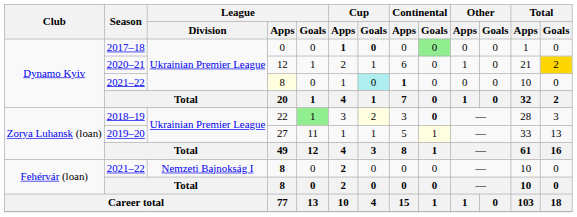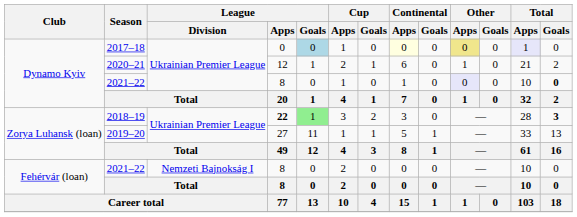 <table class="wikitable" style="text-align:center">
 <tr>
 <th rowspan="2">Club</th>
 <th rowspan="2">Season</th>
 <th colspan="3">League</th>
 <th colspan="2">Cup</th>
 <th colspan="2">Continental</th>
 <th colspan="2">Other</th>
 <th colspan="2">Total</th>
 </tr>
 <tr>
 <th>Division</th>
 <th>Apps</th>
 <th>Goals</th>
 <th>Apps</th>
 <th>Goals</th>
 <th>Apps</th>
 <th>Goals</th>
 <th>Apps</th>
 <th>Goals</th>
 <th>Apps</th>
 <th>Goals</th>
 </tr>
 <tr>
 <td rowspan="4"><a href='#'>Dynamo Kyiv</a></td>
 <td><a href='#'>2017–18</a></td>
 <td rowspan="3"><a href='#'>Ukrainian Premier League</a></td>
 <td>0</td>
+<td style="background: lightblue;">0</td>
+<td>1</td>
 <td>0</td>
-<td><strong>1</strong></td>
-<td><strong>0</strong></td>
+<td style="background: lightyellow;">0</td>
 <td>0</td>
-<td style="background: lightgreen;">0</td>
+<td style="background: khaki;">0</td>
 <td>0</td>
-<td>0</td>
-<td>1</td>
+<td style="background: lavender;">1</td>
 <td>0</td>
 </tr>
 <tr>
 <td><a href='#'>2020–21</a></td>
 <td>12</td>
 <td>1</td>
 <td>2</td>
 <td>1</td>
 <td>6</td>
 <td>0</td>
 <td>1</td>
 <td>0</td>
 <td>21</td>
-<td style="background: gold;">2</td>
+<td>2</td>
 </tr>
 <tr>
 <td><a href='#'>2021–22</a></td>
-<td style="background: lightyellow;">8</td>
+<td>8</td>
 <td>0</td>
 <td>1</td>
-<td style="background: paleturquoise;">0</td>
-<td><strong>1</strong></td>
 <td>0</td>
+<td>1</td>
 <td>0</td>
+<td style="background: lavender;">0</td>
 <td>0</td>
 <td>10</td>
-<td>0</td>
+<td><strong>0</strong></td>
 </tr>
 <tr>
 <th colspan="2">Total</th>
 <th>20</th>
 <th>1</th>
 <th>4</th>
 <th>1</th>
 <th>7</th>
 <th>0</th>
 <th>1</th>
 <th>0</th>
 <th>32</th>
 <th>2</th>
 </tr>
 <tr>
 <td rowspan="3"><a href='#'>Zorya Luhansk</a> (loan)</td>
 <td><a href='#'>2018–19</a></td>
 <td rowspan="2"><a href='#'>Ukrainian Premier League</a></td>
-<td>22</td>
+<td><strong>22</strong></td>
 <td style="background: lightgreen;">1</td>
 <td>3</td>
-<td style="background: lightyellow;">2</td>
+<td>2</td>
 <td>3</td>
-<td><strong>0</strong></td>
+<td>0</td>
 <td colspan="2">—</td>
 <td>28</td>
-<td>3</td>
+<td><strong>3</strong></td>
 </tr>
 <tr>
 <td><a href='#'>2019–20</a></td>
 <td>27</td>
 <td>11</td>
 <td>1</td>
 <td>1</td>
 <td>5</td>
-<td style="background: lightyellow;">1</td>
+<td>1</td>
 <td colspan="2">—</td>
 <td>33</td>
 <td>13</td>
 </tr>
 <tr>
 <th colspan="2">Total</th>
 <th>49</th>
 <th>12</th>
 <th>4</th>
 <th>3</th>
 <th>8</th>
 <th>1</th>
 <th colspan="2">—</th>
 <th>61</th>
 <th>16</th>
 </tr>
 <tr>
 <td rowspan="2"><a href='#'>Fehérvár</a> (loan)</td>
 <td><a href='#'>2021–22</a></td>
 <td rowspan="1"><a href='#'>Nemzeti Bajnokság I</a></td>
-<td><strong>8</strong></td>
+<td>8</td>
 <td>0</td>
-<td><strong>2</strong></td>
+<td>2</td>
 <td>0</td>
 <td>0</td>
 <td>0</td>
 <td colspan="2">—</td>
 <td>10</td>
 <td>0</td>
 </tr>
 <tr>
 <th colspan="2">Total</th>
 <th>8</th>
 <th>0</th>
 <th>2</th>
 <th>0</th>
 <th>0</th>
 <th>0</th>
 <th colspan="2">—</th>
 <th>10</th>
 <th>0</th>
 </tr>
 <tr>
 <th colspan="3">Career total</th>
 <th>77</th>
 <th>13</th>
 <th>10</th>
 <th>4</th>
 <th>15</th>
 <th>1</th>
 <th>1</th>
 <th>0</th>
 <th>103</th>
 <th>18</th>
 </tr>
 <tr>
 </tr>
 </table>
